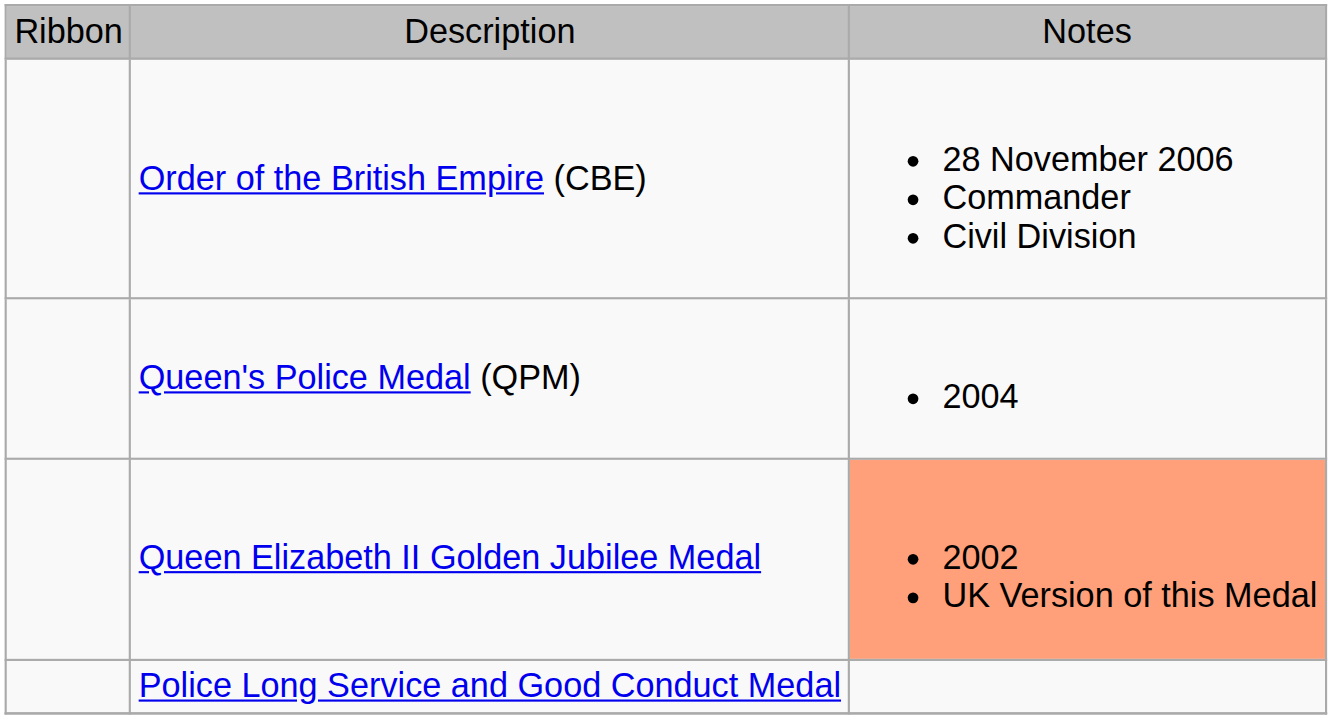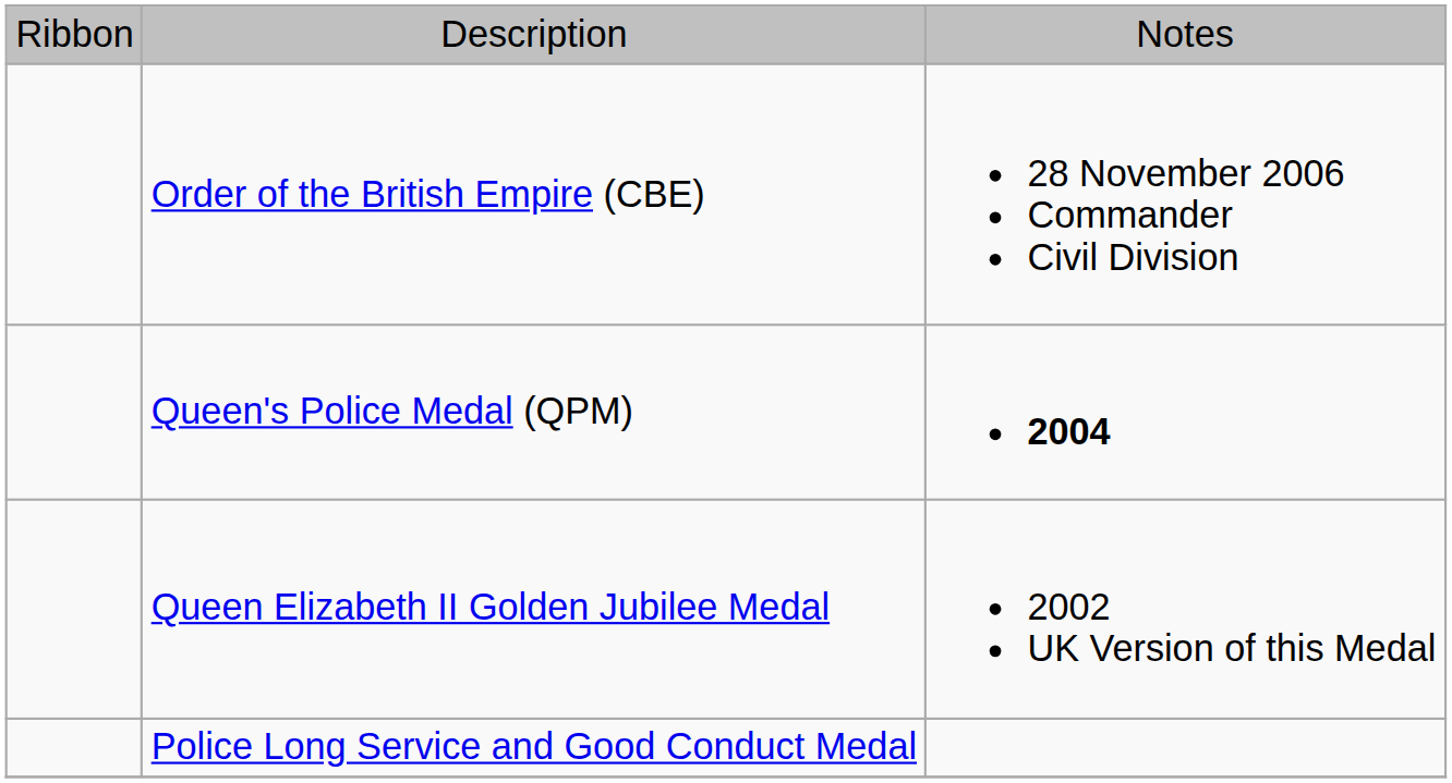 <table class="wikitable" style="margin:auto;">
 <tr style="background:silver;" align="center">
 <td>Ribbon</td>
 <td>Description</td>
 <td>Notes</td>
 </tr>
 <tr>
 <td></td>
 <td><a href='#'>Order of the British Empire</a> (CBE)</td>
 <td><br><ul><li>28 November 2006</li><li>Commander</li><li>Civil Division</li></ul></td>
 </tr>
 <tr>
 <td></td>
 <td><a href='#'>Queen's Police Medal</a> (QPM)</td>
-<td><br><ul><li>2004</li></ul></td>
+<td><strong><br><ul><li>2004</li></ul></strong></td>
 </tr>
 <tr>
 <td></td>
 <td><a href='#'>Queen Elizabeth II Golden Jubilee Medal</a></td>
-<td style="background: lightsalmon;"><br><ul><li>2002</li><li>UK Version of this Medal</li></ul></td>
+<td><br><ul><li>2002</li><li>UK Version of this Medal</li></ul></td>
 </tr>
 <tr>
 <td></td>
 <td><a href='#'>Police Long Service and Good Conduct Medal</a></td>
 <td></td>
 </tr>
 <tr>
 </tr>
 </table>
